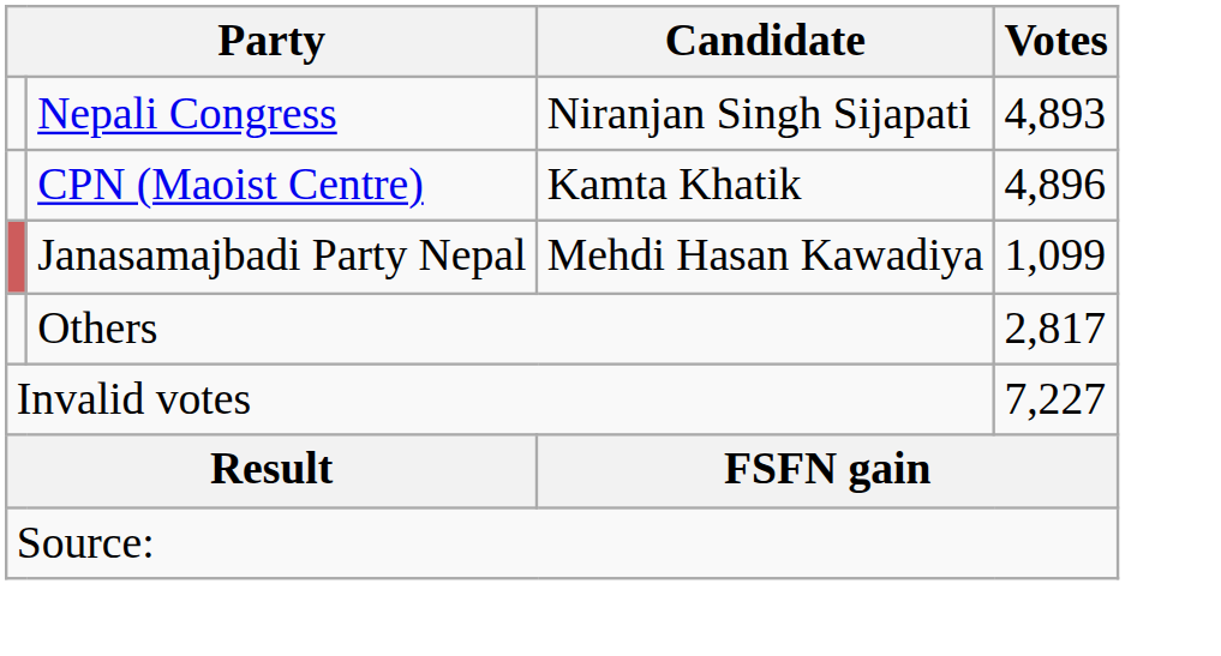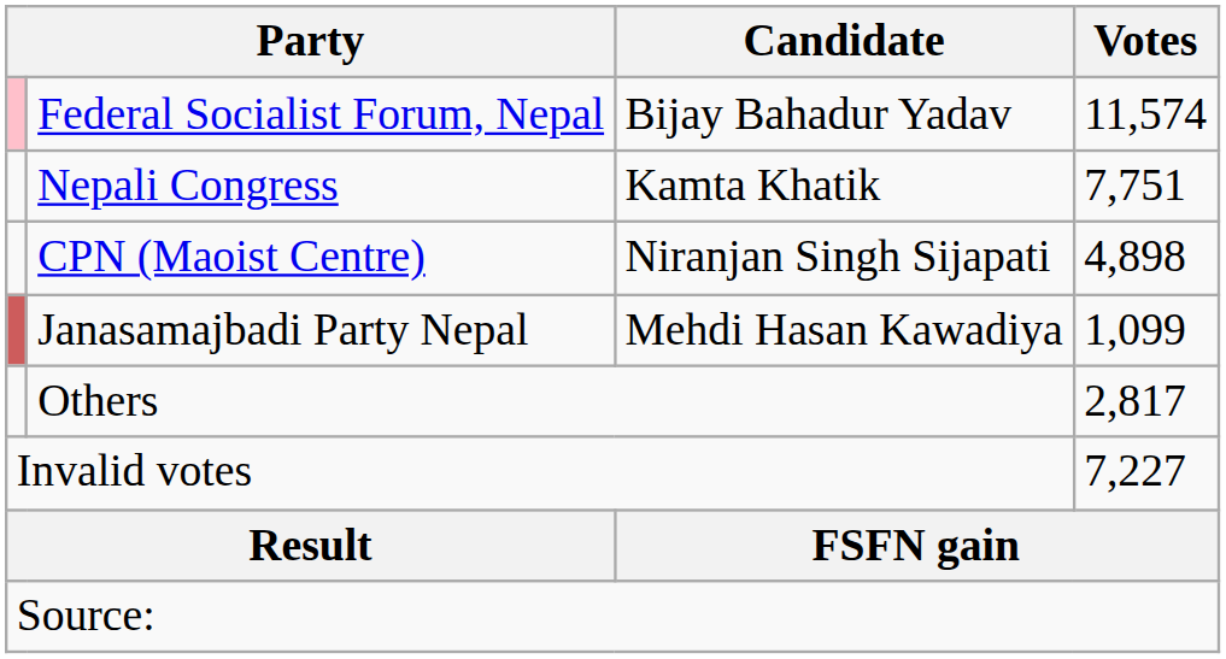 <table class="wikitable">
 <tr>
 <th colspan="2">Party</th>
 <th>Candidate</th>
 <th>Votes</th>
 </tr>
 <tr>
+<td style="background-color:pink"></td>
+<td><a href='#'>Federal Socialist Forum, Nepal</a></td>
+<td>Bijay Bahadur Yadav</td>
+<td>11,574</td>
+</tr>
+<tr>
 <td style="background-color:"></td>
 <td><a href='#'>Nepali Congress</a></td>
-<td>Niranjan Singh Sijapati</td>
-<td>4,893</td>
+<td>Kamta Khatik</td>
+<td>7,751</td>
 </tr>
 <tr>
 <td style="background-color:"></td>
 <td><a href='#'>CPN (Maoist Centre)</a></td>
-<td>Kamta Khatik</td>
-<td>4,896</td>
+<td>Niranjan Singh Sijapati</td>
+<td>4,898</td>
 </tr>
 <tr>
 <td style="background-color:indianred"></td>
 <td>Janasamajbadi Party Nepal</td>
 <td>Mehdi Hasan Kawadiya</td>
 <td>1,099</td>
 </tr>
 <tr>
 <td></td>
 <td colspan="2">Others</td>
 <td>2,817</td>
 </tr>
 <tr>
 <td colspan="3">Invalid votes</td>
 <td>7,227</td>
 </tr>
 <tr>
 <th colspan="2">Result</th>
 <th colspan="2">FSFN gain</th>
 </tr>
 <tr>
 <td colspan="4">Source: </td>
 </tr>
 </table>
